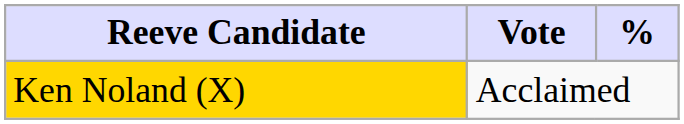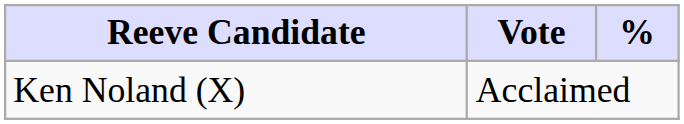 <table class="wikitable">
 <tr>
 <th style="background:#ddf; width:200px;">Reeve Candidate</th>
 <th style="background:#ddf; width:50px;">Vote</th>
 <th style="background:#ddf; width:30px;">%</th>
 </tr>
 <tr>
-<td style="background: gold;">Ken Noland (X)</td>
+<td>Ken Noland (X)</td>
 <td colspan="2">Acclaimed</td>
 </tr>
 </table>
